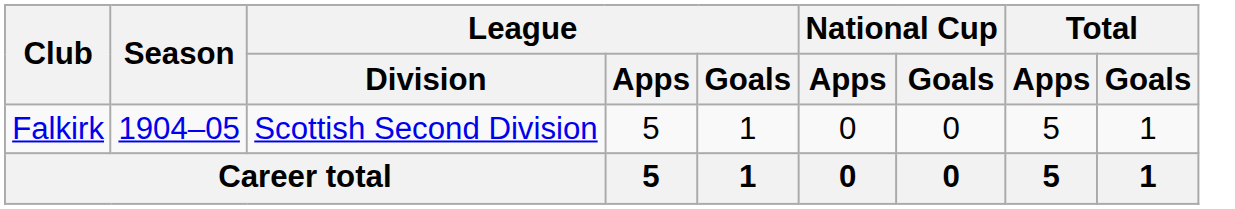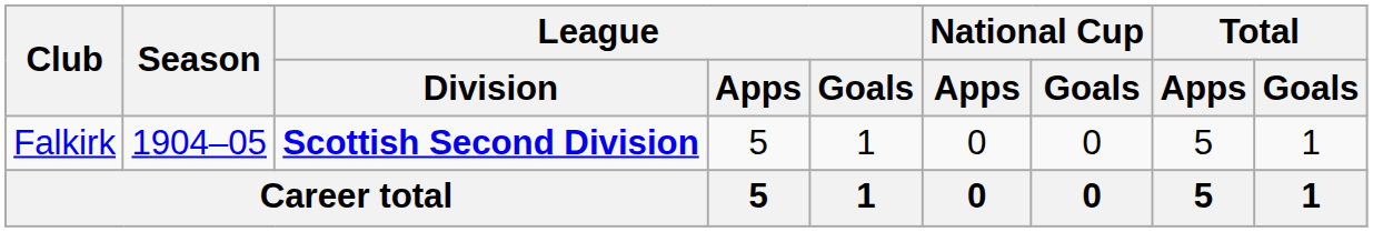 <table class="wikitable" style="text-align:center">
 <tr>
 <th rowspan="2">Club</th>
 <th rowspan="2">Season</th>
 <th colspan="3">League</th>
 <th colspan="2">National Cup</th>
 <th colspan="2">Total</th>
 </tr>
 <tr>
 <th>Division</th>
 <th>Apps</th>
 <th>Goals</th>
 <th>Apps</th>
 <th>Goals</th>
 <th>Apps</th>
 <th>Goals</th>
 </tr>
 <tr>
 <td><a href='#'>Falkirk</a></td>
 <td><a href='#'>1904–05</a></td>
-<td><a href='#'>Scottish Second Division</a></td>
+<td><strong><a href='#'>Scottish Second Division</a></strong></td>
 <td>5</td>
 <td>1</td>
 <td>0</td>
 <td>0</td>
 <td>5</td>
 <td>1</td>
 </tr>
 <tr>
 <th colspan="3">Career total</th>
 <th>5</th>
 <th>1</th>
 <th>0</th>
 <th>0</th>
 <th>5</th>
 <th>1</th>
 </tr>
 </table>
